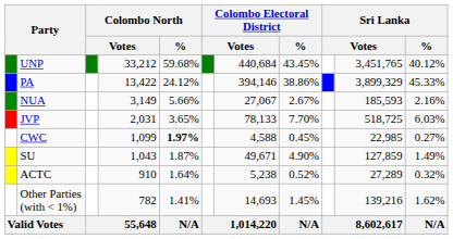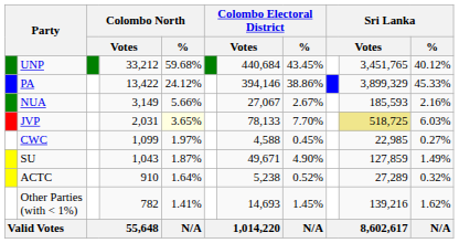 <table class="wikitable">
 <tr>
 <th colspan="2" width="144px"rowspan="2">Party</th>
 <th colspan="3" width="216px">Colombo North</th>
 <th colspan="3" width="216px"><a href='#'>Colombo Electoral District</a></th>
 <th colspan="3" width="216px">Sri Lanka</th>
 </tr>
 <tr>
 <th colspan="2" width="144px">Votes</th>
 <th>%</th>
 <th colspan="2" width="144px">Votes</th>
 <th>%</th>
 <th colspan="2" width="144px">Votes</th>
 <th>%</th>
 </tr>
 <tr>
 <td style="background-color:green;" width="10px"></td>
 <td style="text-align:left;"><a href='#'>UNP</a></td>
 <td style="background-color:green;" width="10px"></td>
 <td style="text-align:right;">33,212</td>
 <td style="text-align:right;">59.68%</td>
 <td style="background-color:green;" width="10px"></td>
 <td style="text-align:right;">440,684</td>
 <td style="text-align:right;">43.45%</td>
 <td style="background-color:white;" width="10px"></td>
 <td style="text-align:right;">3,451,765</td>
 <td style="text-align:right;">40.12%</td>
 </tr>
 <tr>
 <td style="background-color:blue;" width="10px"></td>
 <td style="text-align:left;"><a href='#'>PA</a></td>
 <td style="background-color:white;" width="10px"></td>
 <td style="text-align:right;">13,422</td>
 <td style="text-align:right;">24.12%</td>
 <td style="background-color:white;" width="10px"></td>
 <td style="text-align:right;">394,146</td>
 <td style="text-align:right;">38.86%</td>
 <td style="background-color:blue;" width="10px"></td>
 <td style="text-align:right;">3,899,329</td>
 <td style="text-align:right;">45.33%</td>
 </tr>
 <tr>
 <td style="background-color:#008800;" width="10px"></td>
 <td style="text-align:left;"><a href='#'>NUA</a></td>
 <td style="background-color:white;" width="10px"></td>
 <td style="text-align:right;">3,149</td>
 <td style="text-align:right;">5.66%</td>
 <td style="background-color:white;" width="10px"></td>
 <td style="text-align:right;">27,067</td>
 <td style="text-align:right;">2.67%</td>
 <td style="background-color:white;" width="10px"></td>
 <td style="text-align:right;">185,593</td>
 <td style="text-align:right;">2.16%</td>
 </tr>
 <tr>
 <td style="background-color:red;" width="10px"></td>
 <td style="text-align:left;"><a href='#'>JVP</a></td>
 <td style="background-color:white;" width="10px"></td>
 <td style="text-align:right;">2,031</td>
-<td style="text-align:right;">3.65%</td>
+<td style="background: lightyellow; text-align:right;">3.65%</td>
 <td style="background-color:white;" width="10px"></td>
 <td style="text-align:right;">78,133</td>
 <td style="text-align:right;">7.70%</td>
 <td style="background-color:white;" width="10px"></td>
-<td style="text-align:right;">518,725</td>
+<td style="background: khaki; text-align:right;">518,725</td>
 <td style="text-align:right;">6.03%</td>
 </tr>
 <tr>
 <td style="background-color:white;" width="10px"></td>
 <td style="text-align:left;"><a href='#'>CWC</a></td>
 <td style="background-color:white;" width="10px"></td>
 <td style="text-align:right;">1,099</td>
-<td style="text-align:right;"><strong>1.97%</strong></td>
+<td style="text-align:right;">1.97%</td>
 <td style="background-color:white;" width="10px"></td>
 <td style="text-align:right;">4,588</td>
 <td style="text-align:right;">0.45%</td>
 <td style="background-color:white;" width="10px"></td>
 <td style="text-align:right;">22,985</td>
 <td style="text-align:right;">0.27%</td>
 </tr>
 <tr>
 <td style="background-color:yellow;" width="10px"></td>
 <td style="text-align:left;">SU</td>
 <td style="background-color:white;" width="10px"></td>
 <td style="text-align:right;">1,043</td>
 <td style="text-align:right;">1.87%</td>
 <td style="background-color:white;" width="10px"></td>
 <td style="text-align:right;">49,671</td>
 <td style="text-align:right;">4.90%</td>
 <td style="background-color:white;" width="10px"></td>
 <td style="text-align:right;">127,859</td>
 <td style="text-align:right;">1.49%</td>
 </tr>
 <tr>
 <td style="background-color:yellow;" width="10px"></td>
 <td style="text-align:left;">ACTC</td>
 <td style="background-color:white;" width="10px"></td>
 <td style="text-align:right;">910</td>
 <td style="text-align:right;">1.64%</td>
 <td style="background-color:white;" width="10px"></td>
 <td style="text-align:right;">5,238</td>
 <td style="text-align:right;">0.52%</td>
 <td style="background-color:white;" width="10px"></td>
 <td style="text-align:right;">27,289</td>
 <td style="text-align:right;">0.32%</td>
 </tr>
 <tr>
 <td style="background-color:white;" width="10px"></td>
 <td style="text-align:left;">Other Parties (with < 1%)</td>
 <td style="background-color:white;" width="10px"></td>
 <td style="text-align:right;">782</td>
 <td style="text-align:right;">1.41%</td>
 <td style="background-color:white;" width="10px"></td>
 <td style="text-align:right;">14,693</td>
 <td style="text-align:right;">1.45%</td>
 <td style="background-color:white;" width="10px"></td>
 <td style="text-align:right;">139,216</td>
 <td style="text-align:right;">1.62%</td>
 </tr>
 <tr>
 <th colspan="2" width="144px"style="text-align:left;">Valid Votes</th>
 <th style="text-align:right;"colspan="2" width="144px">55,648</th>
 <th style="text-align:right;">N/A</th>
 <th style="text-align:right;"colspan="2" width="144px">1,014,220</th>
 <th style="text-align:right;">N/A</th>
 <th style="text-align:right;"colspan="2" width="144px">8,602,617</th>
 <th style="text-align:right;">N/A</th>
 </tr>
 </table>
